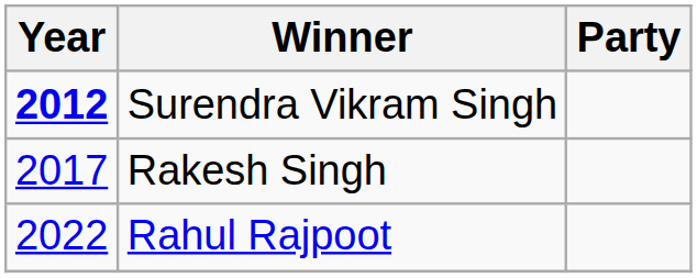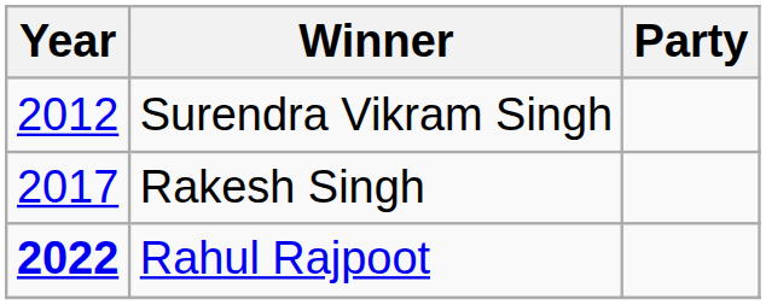 <table class="wikitable sortable">
 <tr>
 <th>Year</th>
 <th>Winner</th>
 <th colspan=2>Party</th>
 </tr>
 <tr>
-<td><strong><a href='#'>2012</a></strong></td>
+<td><a href='#'>2012</a></td>
 <td>Surendra Vikram Singh</td>
 <td></td>
 </tr>
 <tr>
 <td><a href='#'>2017</a></td>
 <td>Rakesh Singh</td>
 <td></td>
 </tr>
 <tr>
-<td><a href='#'>2022</a></td>
+<td><strong><a href='#'>2022</a></strong></td>
 <td><a href='#'>Rahul Rajpoot</a></td>
 <td></td>
 </tr>
 <tr>
 </tr>
 </table>
